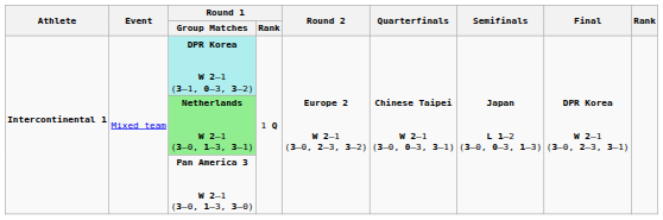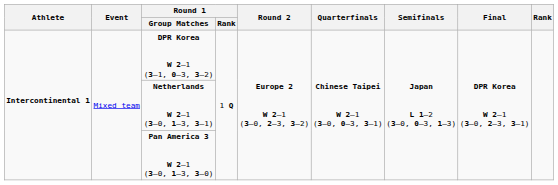 <table class="wikitable" border="1" style="font-size:90%">
 <tr>
 <th rowspan=2>Athlete</th>
 <th rowspan=2>Event</th>
 <th colspan=2>Round 1</th>
 <th rowspan=2>Round 2</th>
 <th rowspan=2>Quarterfinals</th>
 <th rowspan=2>Semifinals</th>
 <th rowspan=2>Final</th>
 <th rowspan=2>Rank</th>
 </tr>
 <tr>
 <th>Group Matches</th>
 <th>Rank</th>
 </tr>
 <tr>
 <td rowspan=3><strong>Intercontinental 1</strong><br><br></td>
 <td rowspan=3><a href='#'>Mixed team</a></td>
-<td align=center style="background: paleturquoise;"><strong>DPR Korea</strong><br><br><br> <strong>W</strong> <strong>2</strong>–1 <br> (<strong>3</strong>–1, <strong>0</strong>–3, <strong>3</strong>–2)</td>
+<td align=center><strong>DPR Korea</strong><br><br><br> <strong>W</strong> <strong>2</strong>–1 <br> (<strong>3</strong>–1, <strong>0</strong>–3, <strong>3</strong>–2)</td>
 <td rowspan=3 align=center>1 <strong>Q</strong></td>
 <td align=center rowspan=3><strong>Europe 2</strong><br><br><br> <strong>W</strong> <strong>2</strong>–1 <br> (<strong>3</strong>–0, <strong>2</strong>–3, <strong>3</strong>–2)</td>
 <td align=center rowspan=3><strong>Chinese Taipei</strong><br><br><br> <strong>W</strong> <strong>2</strong>–1 <br> (<strong>3</strong>–0, <strong>0</strong>–3, <strong>3</strong>–1)</td>
 <td align=center rowspan=3><strong>Japan</strong><br><br><br> <strong>L</strong> <strong>1</strong>–2 <br> (<strong>3</strong>–0, <strong>0</strong>–3, <strong>1</strong>–3)</td>
 <td align=center rowspan=3><strong>DPR Korea</strong><br><br><br> <strong>W</strong> <strong>2</strong>–1 <br> (<strong>3</strong>–0, <strong>2</strong>–3, <strong>3</strong>–1)</td>
 <td rowspan=3 align=center></td>
 </tr>
 <tr>
-<td align=center style="background: lightgreen;"><strong>Netherlands</strong><br><br><br> <strong>W</strong> <strong>2</strong>–1 <br> (<strong>3</strong>–0, <strong>1</strong>–3, <strong>3</strong>–1)</td>
+<td align=center><strong>Netherlands</strong><br><br><br> <strong>W</strong> <strong>2</strong>–1 <br> (<strong>3</strong>–0, <strong>1</strong>–3, <strong>3</strong>–1)</td>
 </tr>
 <tr>
 <td align=center><strong>Pan America 3</strong><br><br><br> <strong>W</strong> <strong>2</strong>–1 <br> (<strong>3</strong>–0, <strong>1</strong>–3, <strong>3</strong>–0)</td>
 </tr>
 </table>
